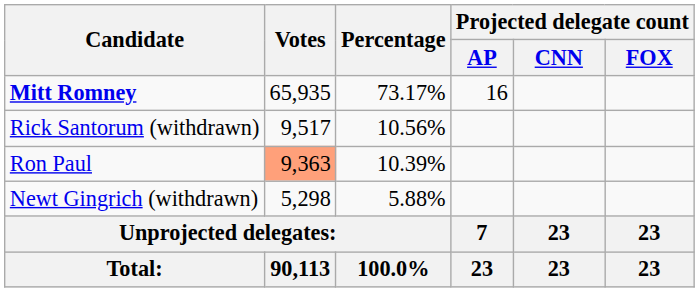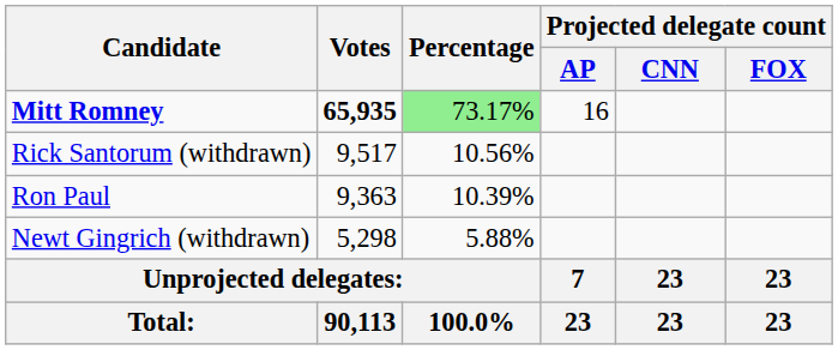 <table class="wikitable" style="text-align:right;">
 <tr>
 <th rowspan="2">Candidate</th>
 <th rowspan="2">Votes</th>
 <th rowspan="2">Percentage</th>
 <th colspan="3">Projected delegate count</th>
 </tr>
 <tr>
 <th><a href='#'>AP</a></th>
 <th><a href='#'>CNN</a><br></th>
 <th><a href='#'>FOX</a><br></th>
 </tr>
 <tr>
 <td style="text-align:left;"> <strong><a href='#'>Mitt Romney</a></strong></td>
-<td>65,935</td>
-<td>73.17%</td>
+<td><strong>65,935</strong></td>
+<td style="background: lightgreen;">73.17%</td>
 <td>16</td>
 <td></td>
 <td></td>
 </tr>
 <tr>
 <td style="text-align:left;"><a href='#'>Rick Santorum</a> (withdrawn)</td>
 <td>9,517</td>
 <td>10.56%</td>
 <td></td>
 <td></td>
 <td></td>
 </tr>
 <tr>
 <td style="text-align:left;"><a href='#'>Ron Paul</a></td>
-<td style="background: lightsalmon;">9,363</td>
+<td>9,363</td>
 <td>10.39%</td>
 <td></td>
 <td></td>
 <td></td>
 </tr>
 <tr>
 <td style="text-align:left;"><a href='#'>Newt Gingrich</a> (withdrawn)</td>
 <td>5,298</td>
 <td>5.88%</td>
 <td></td>
 <td></td>
 <td></td>
 </tr>
 <tr style="background:#eee;">
 <th colspan="3">Unprojected delegates:</th>
 <th>7</th>
 <th>23</th>
 <th>23</th>
 </tr>
 <tr style="background:#eee;">
 <th>Total:</th>
 <th>90,113</th>
 <th>100.0%</th>
 <th>23</th>
 <th>23</th>
 <th>23</th>
 </tr>
 </table>
